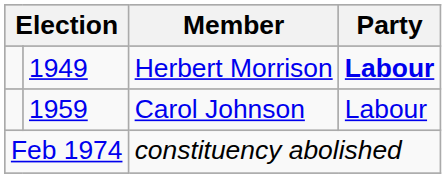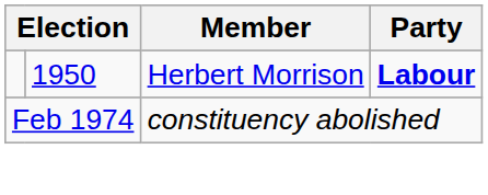 <table class="wikitable">
 <tr>
 <th colspan="2">Election</th>
 <th>Member</th>
 <th>Party</th>
 </tr>
 <tr>
 <td style="color:inherit;background-color: "></td>
-<td><a href='#'>1949</a></td>
+<td><a href='#'>1950</a></td>
 <td><a href='#'>Herbert Morrison</a></td>
 <td><strong><a href='#'>Labour</a></strong></td>
-</tr>
-<tr>
-<td style="color:inherit;background-color: "></td>
-<td><a href='#'>1959</a></td>
-<td><a href='#'>Carol Johnson</a></td>
-<td><a href='#'>Labour</a></td>
 </tr>
 <tr>
 <td colspan="2" align="right"><a href='#'>Feb 1974</a></td>
 <td colspan="2"><em>constituency abolished</em></td>
 </tr>
 </table>
